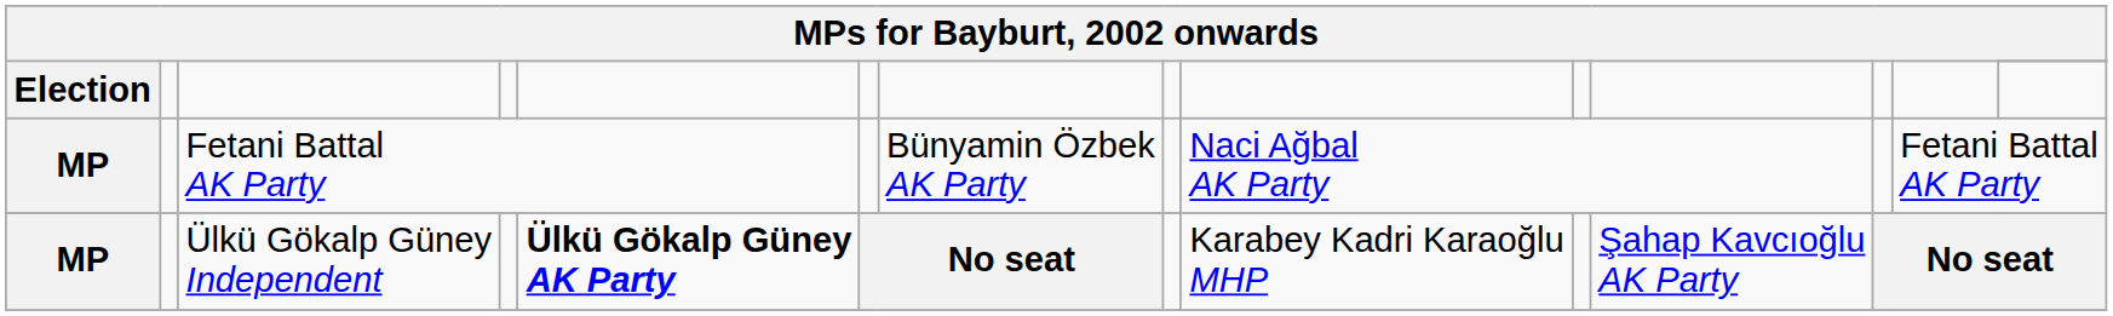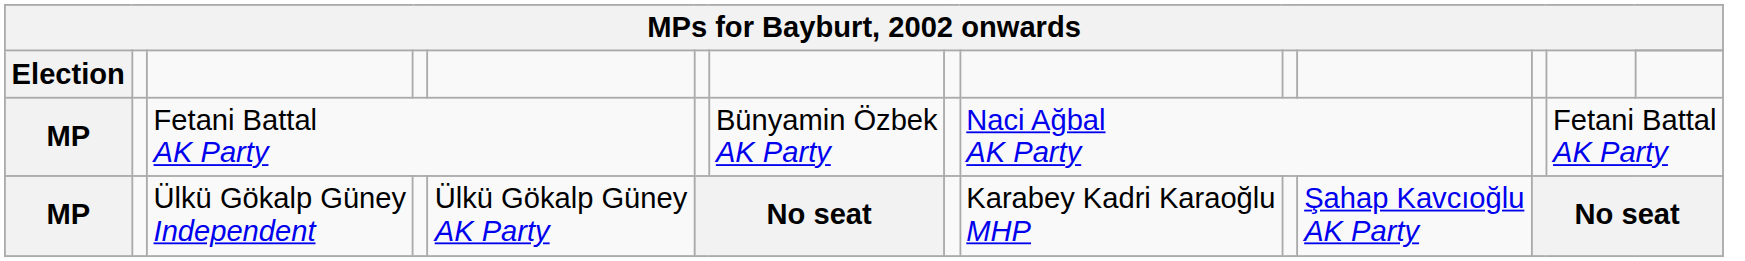 <table class="wikitable">
 <tr>
 <th colspan = 14>MPs for Bayburt, 2002 onwards</th>
 </tr>
 <tr>
 <th rowspan = 2>Election</th>
 <td rowspan="2" style="width:1px;"></td>
 <td rowspan = 2></td>
 <td rowspan="2" style="width:1px;"></td>
 <td rowspan = 2></td>
 <td rowspan="2" style="width:1px;"></td>
 <td rowspan = 2></td>
 <td rowspan="2" style="width:1px;"></td>
 <td rowspan = 2></td>
 <td rowspan="2" style="width:1px;"></td>
 <td rowspan = 2></td>
 <td rowspan="2" style="width:1px;"></td>
 <td rowspan = 2></td>
 </tr>
 <tr>
 <td></td>
 </tr>
 <tr>
 <th>MP</th>
 <td width=1px style="background-color: "></td>
 <td colspan = 3>Fetani Battal<br><em><a href='#'>AK Party</a></em></td>
 <td width=1px style="background-color: "></td>
 <td colspan = 1>Bünyamin Özbek<br><em><a href='#'>AK Party</a></em></td>
 <td width=1px style="background-color: "></td>
 <td colspan = 3><a href='#'>Naci Ağbal</a><br><em><a href='#'>AK Party</a></em></td>
 <td width=1px style="background-color: "></td>
 <td colspan = 2>Fetani Battal<br><em><a href='#'>AK Party</a></em></td>
 </tr>
 <tr>
 <th>MP</th>
 <td width=1px style="background-color: "></td>
 <td colspan = 1>Ülkü Gökalp Güney<br><em><a href='#'>Independent</a></em></td>
 <td width=1px style="background-color: "></td>
-<td colspan = 1><strong>Ülkü Gökalp Güney<br><em><a href='#'>AK Party</a></em></strong></td>
+<td colspan = 1>Ülkü Gökalp Güney<br><em><a href='#'>AK Party</a></em></td>
 <th colspan = 2>No seat</th>
 <td width=1px style="background-color: "></td>
 <td colspan = 1>Karabey Kadri Karaoğlu<br><em><a href='#'>MHP</a></em></td>
 <td width=1px style="background-color: "></td>
 <td colspan = 1><a href='#'>Şahap Kavcıoğlu</a><br><em><a href='#'>AK Party</a></em></td>
 <th colspan = 3>No seat</th>
 </tr>
 </table>
